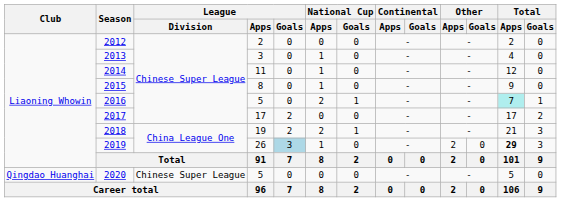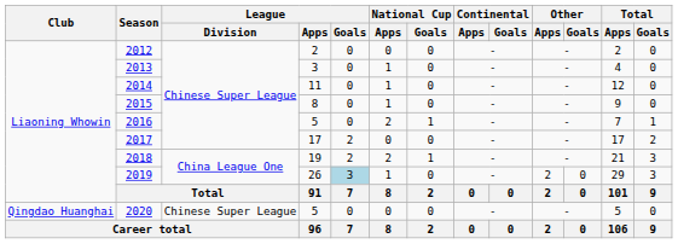 <table class="wikitable" style="text-align: center">
 <tr>
 <th rowspan="2">Club</th>
 <th rowspan="2">Season</th>
 <th colspan="3">League</th>
 <th colspan="2">National Cup</th>
 <th colspan="2">Continental</th>
 <th colspan="2">Other</th>
 <th colspan="2">Total</th>
 </tr>
 <tr>
 <th>Division</th>
 <th>Apps</th>
 <th>Goals</th>
 <th>Apps</th>
 <th>Goals</th>
 <th>Apps</th>
 <th>Goals</th>
 <th>Apps</th>
 <th>Goals</th>
 <th>Apps</th>
 <th>Goals</th>
 </tr>
 <tr>
 <td rowspan="9"><a href='#'>Liaoning Whowin</a></td>
 <td><a href='#'>2012</a></td>
 <td rowspan="6"><a href='#'>Chinese Super League</a></td>
 <td>2</td>
 <td>0</td>
 <td>0</td>
 <td>0</td>
 <td colspan="2">-</td>
 <td colspan="2">-</td>
 <td>2</td>
 <td>0</td>
 </tr>
 <tr>
 <td><a href='#'>2013</a></td>
 <td>3</td>
 <td>0</td>
 <td>1</td>
 <td>0</td>
 <td colspan="2">-</td>
 <td colspan="2">-</td>
 <td>4</td>
 <td>0</td>
 </tr>
 <tr>
 <td><a href='#'>2014</a></td>
 <td>11</td>
 <td>0</td>
 <td>1</td>
 <td>0</td>
 <td colspan="2">-</td>
 <td colspan="2">-</td>
 <td>12</td>
 <td>0</td>
 </tr>
 <tr>
 <td><a href='#'>2015</a></td>
 <td>8</td>
 <td>0</td>
 <td>1</td>
 <td>0</td>
 <td colspan="2">-</td>
 <td colspan="2">-</td>
 <td>9</td>
 <td>0</td>
 </tr>
 <tr>
 <td><a href='#'>2016</a></td>
 <td>5</td>
 <td>0</td>
 <td>2</td>
 <td>1</td>
 <td colspan="2">-</td>
 <td colspan="2">-</td>
-<td style="background: paleturquoise;">7</td>
+<td>7</td>
 <td>1</td>
 </tr>
 <tr>
 <td><a href='#'>2017</a></td>
 <td>17</td>
 <td>2</td>
 <td>0</td>
 <td>0</td>
 <td colspan="2">-</td>
 <td colspan="2">-</td>
 <td>17</td>
 <td>2</td>
 </tr>
 <tr>
 <td><a href='#'>2018</a></td>
 <td rowspan="2"><a href='#'>China League One</a></td>
 <td>19</td>
 <td>2</td>
 <td>2</td>
 <td>1</td>
 <td colspan="2">-</td>
 <td colspan="2">-</td>
 <td>21</td>
 <td>3</td>
 </tr>
 <tr>
 <td><a href='#'>2019</a></td>
 <td>26</td>
 <td style="background: lightblue;">3</td>
 <td>1</td>
 <td>0</td>
 <td colspan="2">-</td>
 <td>2</td>
 <td>0</td>
-<td><strong>29</strong></td>
+<td>29</td>
 <td>3</td>
 </tr>
 <tr>
 <th colspan=2>Total</th>
 <th>91</th>
 <th>7</th>
 <th>8</th>
 <th>2</th>
 <th>0</th>
 <th>0</th>
 <th>2</th>
 <th>0</th>
 <th>101</th>
 <th>9</th>
 </tr>
 <tr>
 <td><a href='#'>Qingdao Huanghai</a></td>
 <td><a href='#'>2020</a></td>
 <td>Chinese Super League</td>
 <td>5</td>
 <td>0</td>
 <td>0</td>
 <td>0</td>
 <td colspan="2">-</td>
 <td colspan="2">-</td>
 <td>5</td>
 <td>0</td>
 </tr>
 <tr>
 <th colspan=3>Career total</th>
 <th>96</th>
 <th>7</th>
 <th>8</th>
 <th>2</th>
 <th>0</th>
 <th>0</th>
 <th>2</th>
 <th>0</th>
 <th>106</th>
 <th>9</th>
 </tr>
 </table>
